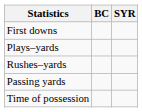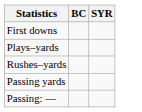 <table class="wikitable" style="float:left">
 <tr>
 <th>Statistics</th>
 <th>BC</th>
 <th>SYR</th>
 </tr>
 <tr>
 <td>First downs</td>
 <td></td>
 <td></td>
 </tr>
 <tr>
 <td>Plays–yards</td>
 <td></td>
 <td></td>
 </tr>
 <tr>
 <td>Rushes–yards</td>
 <td></td>
 <td></td>
 </tr>
 <tr>
 <td>Passing yards</td>
 <td></td>
 <td></td>
 </tr>
 <tr>
-<td>Time of possession</td>
+<td>Passing: ––</td>
 <td></td>
 <td></td>
 </tr>
 </table>
